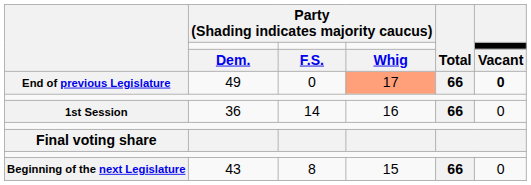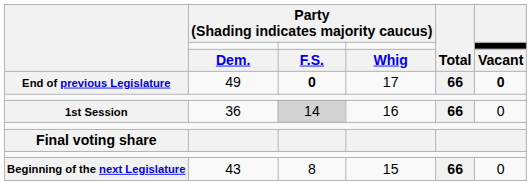 <table class=wikitable style="text-align:center">
 <tr style="vertical-align:bottom;">
 <th rowspan=3></th>
 <th colspan=3>Party <div>(Shading indicates majority caucus)</div></th>
 <th rowspan=3>Total</th>
 <th></th>
 </tr>
 <tr style="height:5px">
 <td style="background-color:"></td>
 <td style="background-color:"></td>
 <td style="background-color:"></td>
 <td style="background:black;"></td>
 </tr>
 <tr>
 <th><a href='#'>Dem.</a></th>
 <th><a href='#'>F.S.</a></th>
 <th><a href='#'>Whig</a></th>
 <th>Vacant</th>
 </tr>
 <tr>
 <th style="font-size:80%;">End of <a href='#'>previous Legislature</a></th>
 <td>49</td>
-<td>0</td>
-<td style="background: lightsalmon;">17</td>
+<td><strong>0</strong></td>
+<td>17</td>
 <th>66</th>
 <td><strong>0</strong></td>
 </tr>
 <tr>
 <td colspan=6></td>
 </tr>
 <tr>
 <th style="font-size:80%;">1st Session</th>
 <td>36</td>
-<td>14</td>
+<td style="background: lightgrey;">14</td>
 <td>16</td>
 <th>66</th>
 <td>0</td>
 </tr>
 <tr>
 <td colspan=6></td>
 </tr>
 <tr>
 <th>Final voting share</th>
 <th></th>
 <th></th>
 <th></th>
 <th colspan=2></th>
 </tr>
 <tr>
 <td colspan=6></td>
 </tr>
 <tr>
 <th style="font-size:80%;">Beginning of the <a href='#'>next Legislature</a></th>
 <td>43</td>
 <td>8</td>
 <td>15</td>
 <th>66</th>
 <td>0</td>
 </tr>
 </table>
